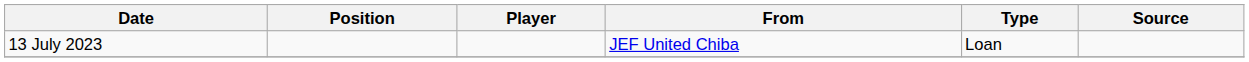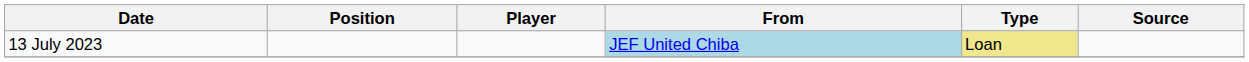 <table class="wikitable sortable" style="width:90%; text-align:center; font-size:95%; text-align:left;">
 <tr>
 <th>Date</th>
 <th>Position</th>
 <th>Player</th>
 <th>From</th>
 <th>Type</th>
 <th>Source</th>
 </tr>
 <tr>
 <td>13 July 2023</td>
 <td></td>
 <td></td>
-<td> <a href='#'>JEF United Chiba</a></td>
-<td>Loan</td>
+<td style="background: lightblue;"> <a href='#'>JEF United Chiba</a></td>
+<td style="background: khaki;">Loan</td>
 <td></td>
 </tr>
 <tr>
 </tr>
 </table>
